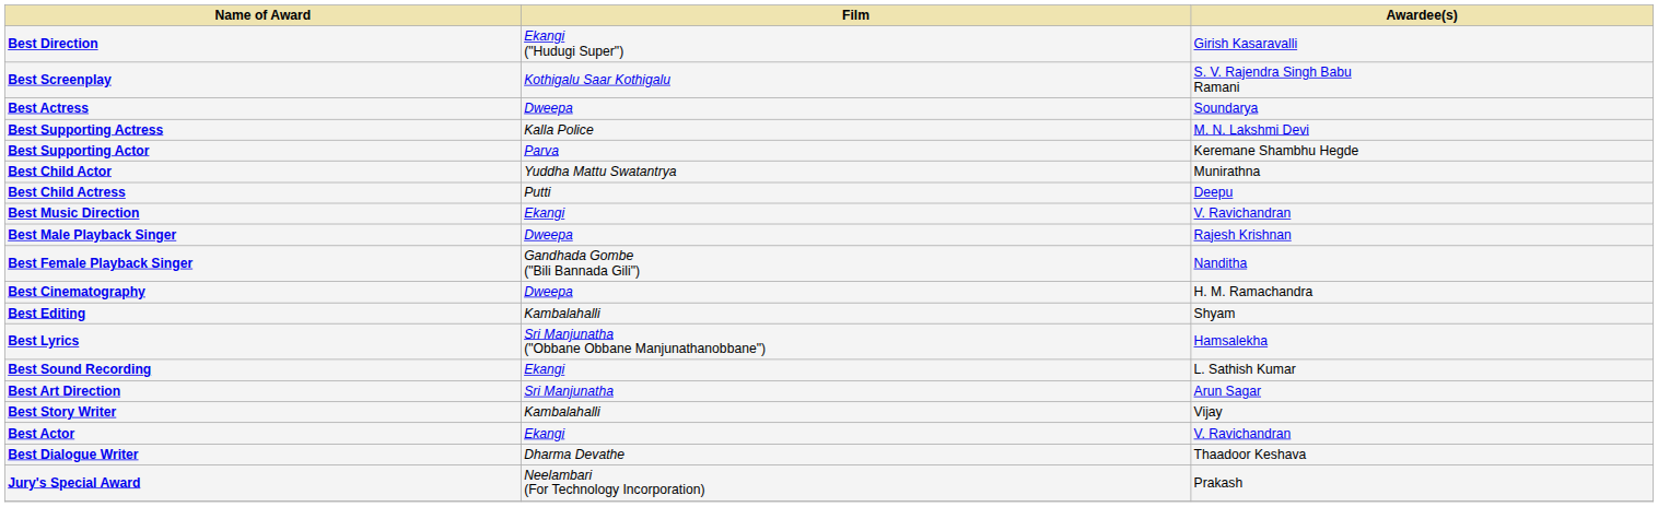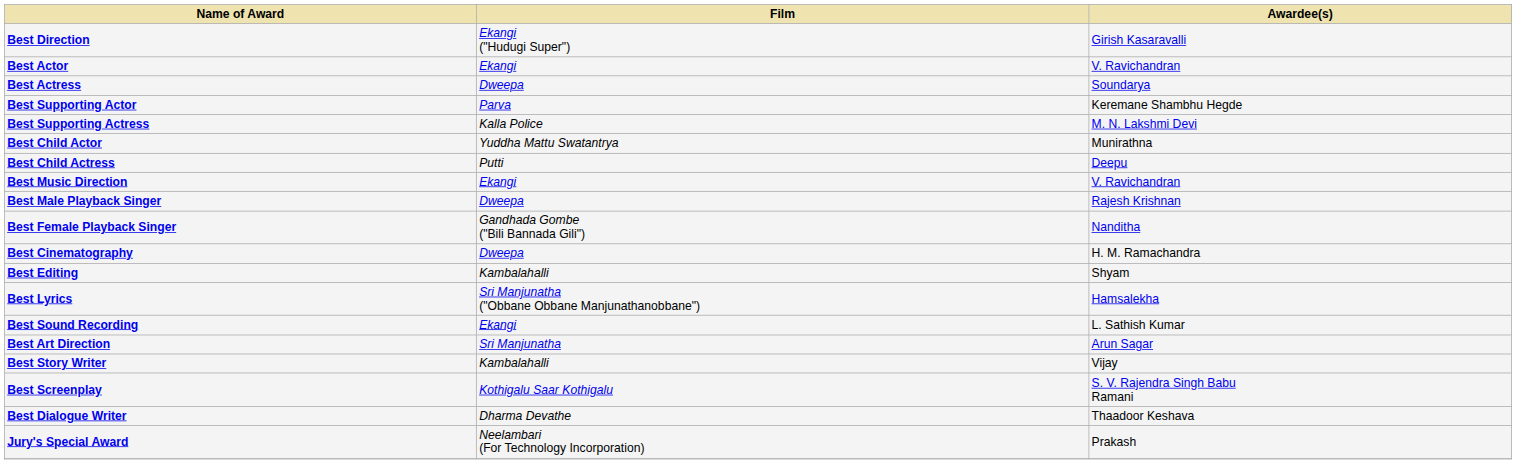 <table class="wikitable" style="width:100%;">
 <tr>
 <th style="background-color:#EFE4B0;">Name of Award</th>
 <th style="background-color:#EFE4B0;">Film</th>
 <th style="background-color:#EFE4B0;">Awardee(s)</th>
 </tr>
 <tr style="background-color:#F4F4F4">
 <td><strong><a href='#'>Best Direction</a></strong></td>
 <td><em><a href='#'>Ekangi</a></em><br>("Hudugi Super")</td>
 <td><a href='#'>Girish Kasaravalli</a></td>
 </tr>
 <tr style="background-color:#F4F4F4">
-<td><strong><a href='#'>Best Screenplay</a></strong></td>
-<td><em><a href='#'>Kothigalu Saar Kothigalu</a></em></td>
-<td><a href='#'>S. V. Rajendra Singh Babu</a><br>Ramani</td>
+<td><strong><a href='#'>Best Actor</a></strong></td>
+<td><em><a href='#'>Ekangi</a></em></td>
+<td><a href='#'>V. Ravichandran</a></td>
 </tr>
 <tr style="background-color:#F4F4F4">
 <td><strong><a href='#'>Best Actress</a></strong></td>
 <td><em><a href='#'>Dweepa</a></em></td>
 <td><a href='#'>Soundarya</a></td>
 </tr>
 <tr style="background-color:#F4F4F4">
+<td><strong><a href='#'>Best Supporting Actor</a></strong></td>
+<td><em><a href='#'>Parva</a></em></td>
+<td>Keremane Shambhu Hegde</td>
+</tr>
+<tr style="background-color:#F4F4F4">
 <td><strong><a href='#'>Best Supporting Actress</a></strong></td>
 <td><em>Kalla Police</em></td>
 <td><a href='#'>M. N. Lakshmi Devi</a></td>
-</tr>
-<tr style="background-color:#F4F4F4">
-<td><strong><a href='#'>Best Supporting Actor</a></strong></td>
-<td><em><a href='#'>Parva</a></em></td>
-<td>Keremane Shambhu Hegde</td>
 </tr>
 <tr style="background-color:#F4F4F4">
 <td><strong><a href='#'>Best Child Actor</a></strong></td>
 <td><em>Yuddha Mattu Swatantrya</em></td>
 <td>Munirathna</td>
 </tr>
 <tr style="background-color:#F4F4F4">
 <td><strong><a href='#'>Best Child Actress</a></strong></td>
 <td><em>Putti</em></td>
 <td><a href='#'>Deepu</a></td>
 </tr>
 <tr style="background-color:#F4F4F4">
 <td><strong><a href='#'>Best Music Direction</a></strong></td>
 <td><em><a href='#'>Ekangi</a></em></td>
 <td><a href='#'>V. Ravichandran</a></td>
 </tr>
 <tr style="background-color:#F4F4F4">
 <td><strong><a href='#'>Best Male Playback Singer</a></strong></td>
 <td><em><a href='#'>Dweepa</a></em></td>
 <td><a href='#'>Rajesh Krishnan</a></td>
 </tr>
 <tr style="background-color:#F4F4F4">
 <td><strong><a href='#'>Best Female Playback Singer</a></strong></td>
 <td><em>Gandhada Gombe</em><br>("Bili Bannada Gili")</td>
 <td><a href='#'>Nanditha</a></td>
 </tr>
 <tr style="background-color:#F4F4F4">
 <td><strong><a href='#'>Best Cinematography</a></strong></td>
 <td><em><a href='#'>Dweepa</a></em></td>
 <td>H. M. Ramachandra</td>
 </tr>
 <tr style="background-color:#F4F4F4">
 <td><strong><a href='#'>Best Editing</a></strong></td>
 <td><em>Kambalahalli</em></td>
 <td>Shyam</td>
 </tr>
 <tr style="background-color:#F4F4F4">
 <td><strong><a href='#'>Best Lyrics</a></strong></td>
 <td><em><a href='#'>Sri Manjunatha</a></em><br>("Obbane Obbane Manjunathanobbane")</td>
 <td><a href='#'>Hamsalekha</a></td>
 </tr>
 <tr style="background-color:#F4F4F4">
 <td><strong><a href='#'>Best Sound Recording</a></strong></td>
 <td><em><a href='#'>Ekangi</a></em></td>
 <td>L. Sathish Kumar</td>
 </tr>
 <tr style="background-color:#F4F4F4">
 <td><strong><a href='#'>Best Art Direction</a></strong></td>
 <td><em><a href='#'>Sri Manjunatha</a></em></td>
 <td><a href='#'>Arun Sagar</a></td>
 </tr>
 <tr style="background-color:#F4F4F4">
 <td><strong><a href='#'>Best Story Writer</a></strong></td>
 <td><em>Kambalahalli</em></td>
 <td>Vijay</td>
 </tr>
 <tr style="background-color:#F4F4F4">
-<td><strong><a href='#'>Best Actor</a></strong></td>
-<td><em><a href='#'>Ekangi</a></em></td>
-<td><a href='#'>V. Ravichandran</a></td>
+<td><strong><a href='#'>Best Screenplay</a></strong></td>
+<td><em><a href='#'>Kothigalu Saar Kothigalu</a></em></td>
+<td><a href='#'>S. V. Rajendra Singh Babu</a><br>Ramani</td>
 </tr>
 <tr style="background-color:#F4F4F4">
 <td><strong><a href='#'>Best Dialogue Writer</a></strong></td>
 <td><em>Dharma Devathe</em></td>
 <td>Thaadoor Keshava</td>
 </tr>
 <tr style="background-color:#F4F4F4">
 <td><strong><a href='#'>Jury's Special Award</a></strong></td>
 <td><em>Neelambari</em><br>(For Technology Incorporation)</td>
 <td>Prakash</td>
 </tr>
 <tr style="background-color:#F4F4F4">
 </tr>
 </table>
